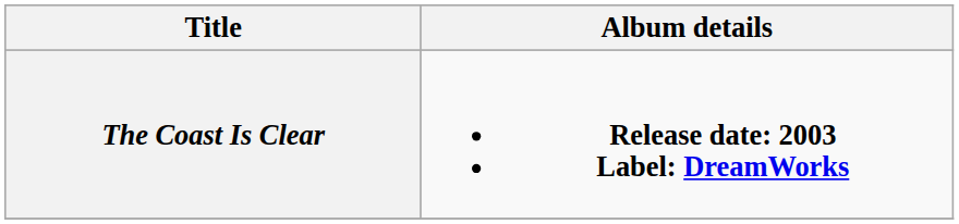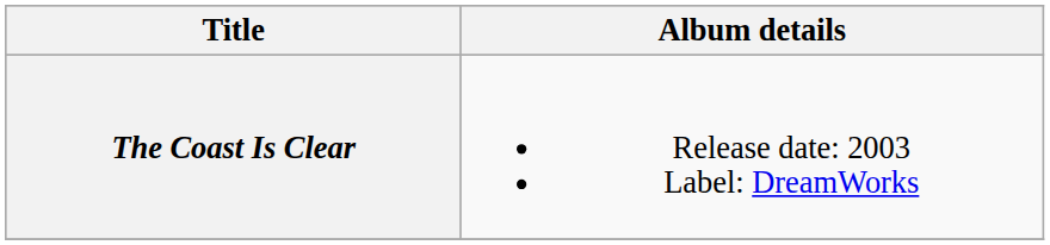 <table class="wikitable plainrowheaders" style="text-align:center;">
 <tr>
 <th style="width:14em;">Title</th>
 <th style="width:18em;">Album details</th>
 </tr>
 <tr>
 <th scope="row"><em>The Coast Is Clear</em></th>
-<td><strong><br><ul><li>Release date: 2003</li><li>Label: <a href='#'>DreamWorks</a></li></ul></strong></td>
+<td><br><ul><li>Release date: 2003</li><li>Label: <a href='#'>DreamWorks</a></li></ul></td>
 </tr>
 <tr>
 </tr>
 </table>
